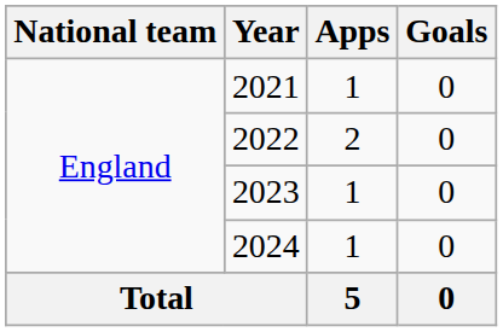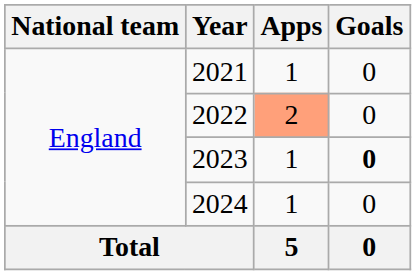 <table class="wikitable" style="text-align: center;">
 <tr>
 <th>National team</th>
 <th>Year</th>
 <th>Apps</th>
 <th>Goals</th>
 </tr>
 <tr>
 <td rowspan="4"><a href='#'>England</a></td>
 <td>2021</td>
 <td>1</td>
 <td>0</td>
 </tr>
 <tr>
 <td>2022</td>
-<td>2</td>
+<td style="background: lightsalmon;">2</td>
 <td>0</td>
 </tr>
 <tr>
 <td>2023</td>
 <td>1</td>
-<td>0</td>
+<td><strong>0</strong></td>
 </tr>
 <tr>
 <td>2024</td>
 <td>1</td>
 <td>0</td>
 </tr>
 <tr>
 <th colspan="2">Total</th>
 <th>5</th>
 <th>0</th>
 </tr>
 </table>
